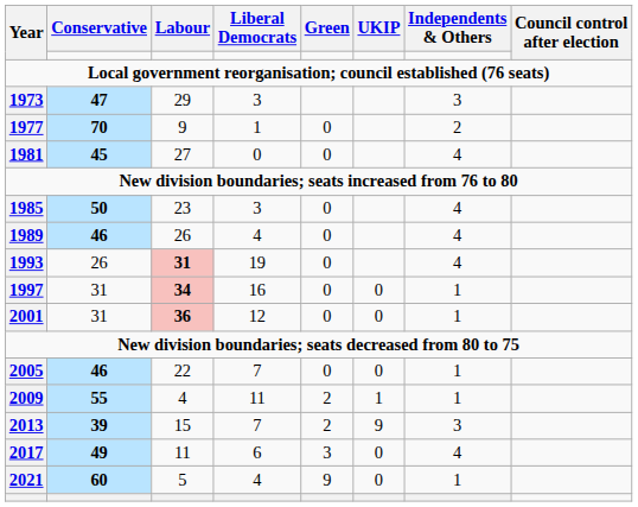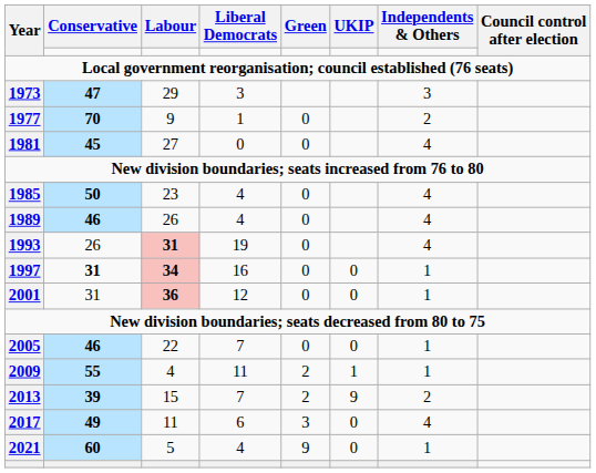 <table class="wikitable plainrowheaders" style="text-align:center">
 <tr>
 <th scope="col" rowspan="2">Year</th>
 <th scope="col"><a href='#'>Conservative</a></th>
 <th scope="col"><a href='#'>Labour</a></th>
 <th scope="col" style="width:1px"><a href='#'>Liberal Democrats</a></th>
 <th scope="col"><a href='#'>Green</a></th>
 <th scope="col"><a href='#'>UKIP</a></th>
 <th scope="col"><a href='#'>Independents</a><br>& Others</th>
 <th scope="col" rowspan="2" colspan="2">Council control<br>after election</th>
 </tr>
 <tr>
 <td style="background:"></td>
 <td style="background:"></td>
 <td style="background:"></td>
 <td style="background:"></td>
 <td style="background:"></td>
 <td style="background:"></td>
 </tr>
 <tr>
 <td colspan="9"><strong>Local government reorganisation; council established (76 seats)</strong></td>
 </tr>
 <tr>
 <th scope="row"><a href='#'>1973</a></th>
 <td style="background:#B9E4FF;"><strong>47</strong></td>
 <td>29</td>
 <td>3</td>
 <td></td>
 <td></td>
 <td>3</td>
 <td></td>
 </tr>
 <tr>
 <th scope="row"><a href='#'>1977</a></th>
 <td style="background:#B9E4FF;"><strong>70</strong></td>
 <td>9</td>
 <td>1</td>
 <td>0</td>
 <td></td>
 <td>2</td>
 <td></td>
 </tr>
 <tr>
 <th scope="row"><a href='#'>1981</a></th>
 <td style="background:#B9E4FF;"><strong>45</strong></td>
 <td>27</td>
 <td>0</td>
 <td>0</td>
 <td></td>
 <td>4</td>
 <td></td>
 </tr>
 <tr>
 <td colspan="9"><strong>New division boundaries; seats increased from 76 to 80</strong></td>
 </tr>
 <tr>
 <th scope="row"><a href='#'>1985</a></th>
 <td style="background:#B9E4FF;"><strong>50</strong></td>
 <td>23</td>
-<td>3</td>
+<td>4</td>
 <td>0</td>
 <td></td>
 <td>4</td>
 <td></td>
 </tr>
 <tr>
 <th scope="row"><a href='#'>1989</a></th>
 <td style="background:#B9E4FF;"><strong>46</strong></td>
 <td>26</td>
 <td>4</td>
 <td>0</td>
 <td></td>
 <td>4</td>
 <td></td>
 </tr>
 <tr>
 <th scope="row"><a href='#'>1993</a></th>
 <td>26</td>
 <td style="background:#F8C1BE;"><strong>31</strong></td>
 <td>19</td>
 <td>0</td>
 <td></td>
 <td>4</td>
 <td></td>
 </tr>
 <tr>
 <th scope="row"><a href='#'>1997</a></th>
-<td>31</td>
+<td><strong>31</strong></td>
 <td style="background:#F8C1BE;"><strong>34</strong></td>
 <td>16</td>
 <td>0</td>
 <td>0</td>
 <td>1</td>
 <td></td>
 </tr>
 <tr>
 <th scope="row"><a href='#'>2001</a></th>
 <td>31</td>
 <td style="background:#F8C1BE;"><strong>36</strong></td>
 <td>12</td>
 <td>0</td>
 <td>0</td>
 <td>1</td>
 <td></td>
 </tr>
 <tr>
 <td colspan="9"><strong>New division boundaries; seats decreased from 80 to 75</strong></td>
 </tr>
 <tr>
 <th scope="row"><a href='#'>2005</a></th>
 <td style="background:#B9E4FF;"><strong>46</strong></td>
 <td>22</td>
 <td>7</td>
 <td>0</td>
 <td>0</td>
 <td>1</td>
 <td></td>
 </tr>
 <tr>
 <th scope="row"><a href='#'>2009</a></th>
 <td style="background:#B9E4FF;"><strong>55</strong></td>
 <td>4</td>
 <td>11</td>
 <td>2</td>
 <td>1</td>
 <td>1</td>
 <td></td>
 </tr>
 <tr>
 <th scope="row"><a href='#'>2013</a></th>
 <td style="background:#B9E4FF;"><strong>39</strong></td>
 <td>15</td>
 <td>7</td>
 <td>2</td>
 <td>9</td>
-<td>3</td>
+<td>2</td>
 <td></td>
 </tr>
 <tr>
 <th scope="row"><a href='#'>2017</a></th>
 <td style="background:#B9E4FF;"><strong>49</strong></td>
 <td>11</td>
 <td>6</td>
 <td>3</td>
 <td>0</td>
 <td>4</td>
 <td></td>
 </tr>
 <tr>
 <th scope="row"><a href='#'>2021</a></th>
 <td style="background:#B9E4FF;"><strong>60</strong></td>
 <td>5</td>
 <td>4</td>
 <td>9</td>
 <td>0</td>
 <td>1</td>
 <td></td>
 </tr>
 <tr>
 <th></th>
 <th style="background-color: "></th>
 <th style="background-color: "></th>
 <th style="background-color: "></th>
 <th style="background-color: "></th>
 <th style="background-color: "></th>
 <th style="background-color: "></th>
 </tr>
 </table>
